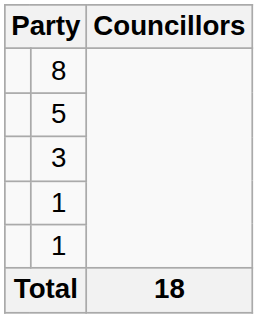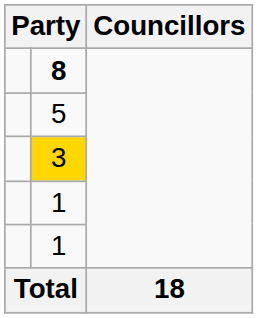 <table class="wikitable">
 <tr>
 <th colspan=2>Party</th>
 <th>Councillors</th>
 </tr>
 <tr>
 <td></td>
-<td align=center>8</td>
+<td align=center><strong>8</strong></td>
 </tr>
 <tr>
 <td></td>
 <td align=center>5</td>
 </tr>
 <tr>
 <td></td>
-<td align=center>3</td>
+<td align=center style="background: gold;">3</td>
 </tr>
 <tr>
 <td></td>
 <td align=center>1</td>
 </tr>
 <tr>
 <td></td>
 <td align=center>1</td>
 </tr>
 <tr>
 <th colspan=2>Total</th>
 <th align=center>18</th>
 </tr>
 </table>
